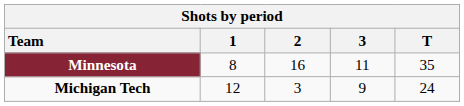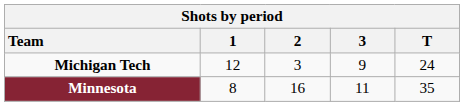 <table class="wikitable" style="width:30em; text-align:right;">
 <tr>
 <th colspan=5>Shots by period</th>
 </tr>
 <tr>
 <th style="width:10em; text-align:left;">Team</th>
 <th style="width:3em;">1</th>
 <th style="width:3em;">2</th>
 <th style="width:3em;">3</th>
 <th style="width:3em;">T</th>
 </tr>
 <tr>
+<td align=center><strong>Michigan Tech</strong></td>
+<td align=center>12</td>
+<td align=center>3</td>
+<td align=center>9</td>
+<td align=center>24</td>
+</tr>
+<tr>
 <td align=center style="color:white; background:#862334; "><strong>Minnesota</strong></td>
 <td align=center>8</td>
 <td align=center>16</td>
 <td align=center>11</td>
 <td align=center>35</td>
 </tr>
-<tr>
-<td align=center><strong>Michigan Tech</strong></td>
-<td align=center>12</td>
-<td align=center>3</td>
-<td align=center>9</td>
-<td align=center>24</td>
-</tr>
 </table>
